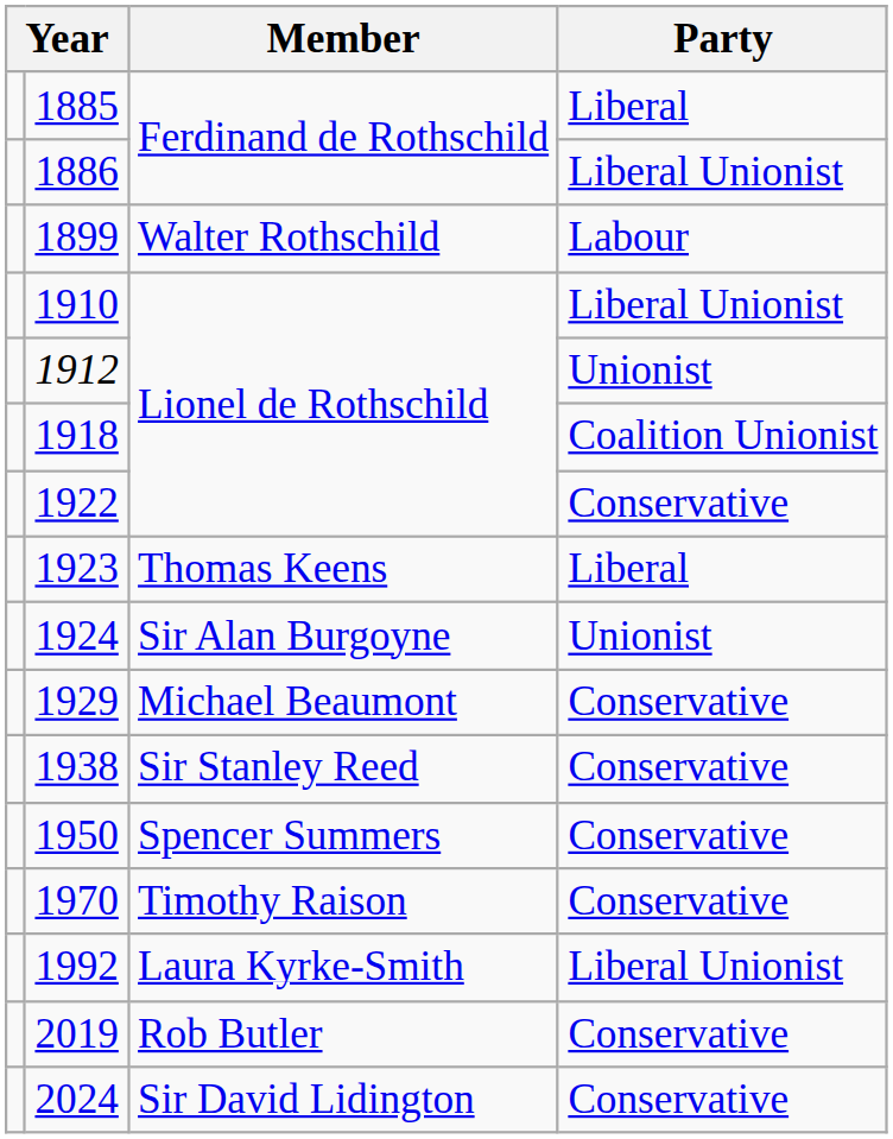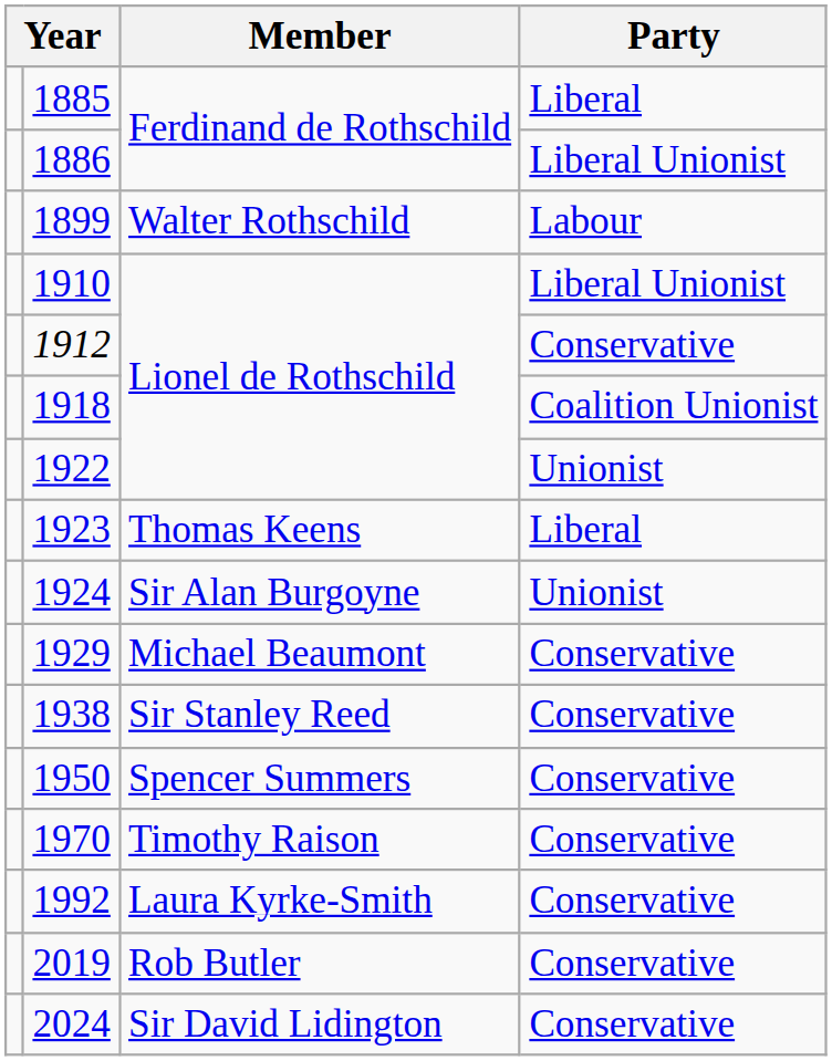 <table class="wikitable">
 <tr>
 <th colspan="2">Year</th>
 <th>Member</th>
 <th>Party</th>
 </tr>
 <tr>
 <td style="color:inherit;background-color: "></td>
 <td><a href='#'>1885</a></td>
 <td rowspan="2"><a href='#'>Ferdinand de Rothschild</a></td>
 <td><a href='#'>Liberal</a></td>
 </tr>
 <tr>
 <td style="color:inherit;background-color: "></td>
 <td><a href='#'>1886</a></td>
 <td><a href='#'>Liberal Unionist</a></td>
 </tr>
 <tr>
 <td style="color:inherit;background-color: "></td>
 <td><a href='#'>1899</a></td>
 <td><a href='#'>Walter Rothschild</a></td>
 <td><a href='#'>Labour</a></td>
 </tr>
 <tr>
 <td style="color:inherit;background-color: "></td>
 <td><a href='#'>1910</a></td>
 <td rowspan="4"><a href='#'>Lionel de Rothschild</a></td>
 <td><a href='#'>Liberal Unionist</a></td>
 </tr>
 <tr>
 <td style="color:inherit;background-color: "></td>
 <td><em>1912</em></td>
-<td><a href='#'>Unionist</a></td>
+<td><a href='#'>Conservative</a></td>
 </tr>
 <tr>
 <td style="color:inherit;background-color: "></td>
 <td><a href='#'>1918</a></td>
 <td><a href='#'>Coalition Unionist</a></td>
 </tr>
 <tr>
 <td style="color:inherit;background-color: "></td>
 <td><a href='#'>1922</a></td>
-<td><a href='#'>Conservative</a></td>
+<td><a href='#'>Unionist</a></td>
 </tr>
 <tr>
 <td style="color:inherit;background-color: "></td>
 <td><a href='#'>1923</a></td>
 <td><a href='#'>Thomas Keens</a></td>
 <td><a href='#'>Liberal</a></td>
 </tr>
 <tr>
 <td style="color:inherit;background-color: "></td>
 <td><a href='#'>1924</a></td>
 <td><a href='#'>Sir Alan Burgoyne</a></td>
 <td><a href='#'>Unionist</a></td>
 </tr>
 <tr>
 <td style="color:inherit;background-color: "></td>
 <td><a href='#'>1929</a></td>
 <td><a href='#'>Michael Beaumont</a></td>
 <td><a href='#'>Conservative</a></td>
 </tr>
 <tr>
 <td style="color:inherit;background-color: "></td>
 <td><a href='#'>1938</a></td>
 <td><a href='#'>Sir Stanley Reed</a></td>
 <td><a href='#'>Conservative</a></td>
 </tr>
 <tr>
 <td style="color:inherit;background-color: "></td>
 <td><a href='#'>1950</a></td>
 <td><a href='#'>Spencer Summers</a></td>
 <td><a href='#'>Conservative</a></td>
 </tr>
 <tr>
 <td style="color:inherit;background-color: "></td>
 <td><a href='#'>1970</a></td>
 <td><a href='#'>Timothy Raison</a></td>
 <td><a href='#'>Conservative</a></td>
 </tr>
 <tr>
 <td style="color:inherit;background-color: "></td>
 <td><a href='#'>1992</a></td>
 <td><a href='#'>Laura Kyrke-Smith</a></td>
-<td><a href='#'>Liberal Unionist</a></td>
+<td><a href='#'>Conservative</a></td>
 </tr>
 <tr>
 <td style="color:inherit;background-color: "></td>
 <td><a href='#'>2019</a></td>
 <td><a href='#'>Rob Butler</a></td>
 <td><a href='#'>Conservative</a></td>
 </tr>
 <tr>
 <td style="color:inherit;background-color: "></td>
 <td><a href='#'>2024</a></td>
 <td><a href='#'>Sir David Lidington</a></td>
 <td><a href='#'>Conservative</a></td>
 </tr>
 </table>
